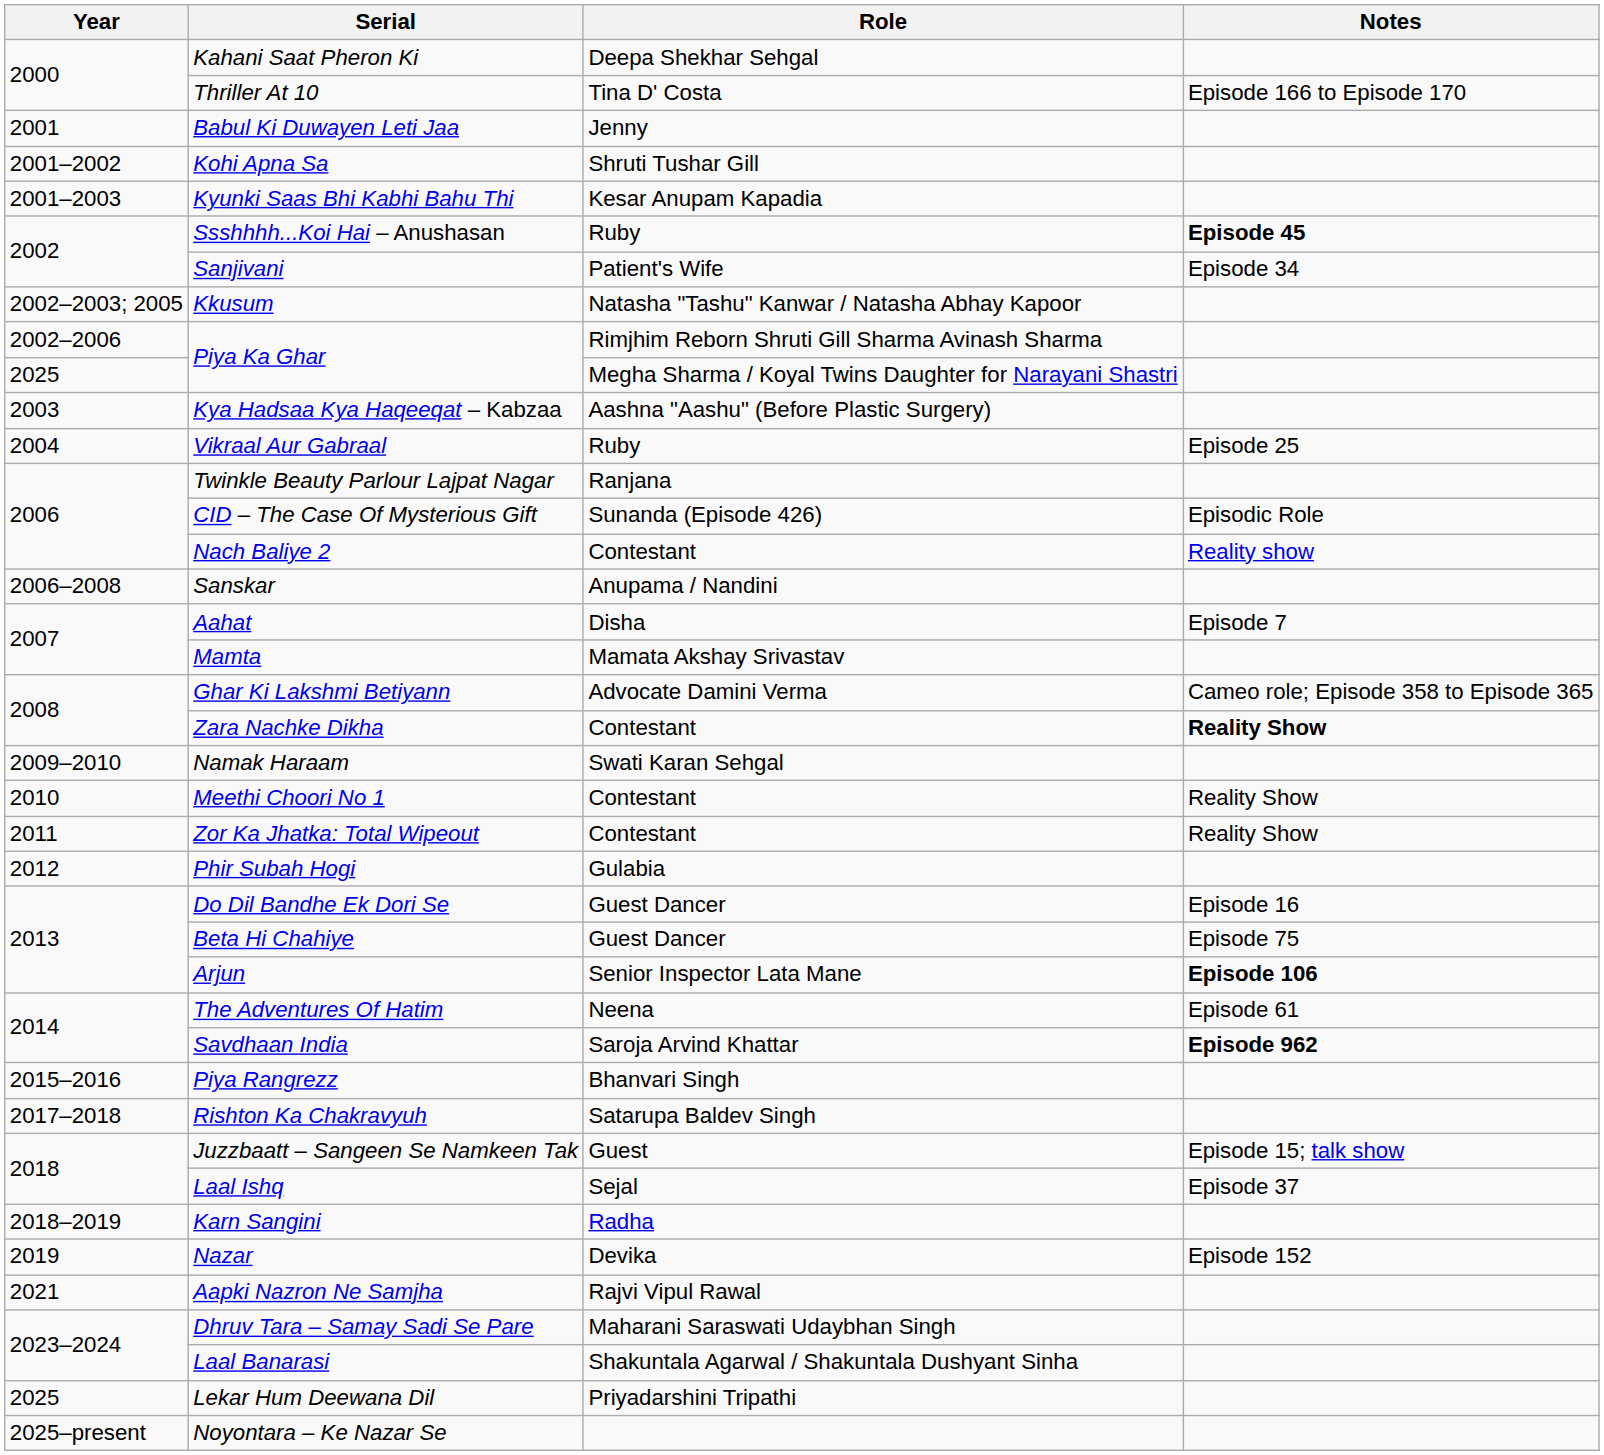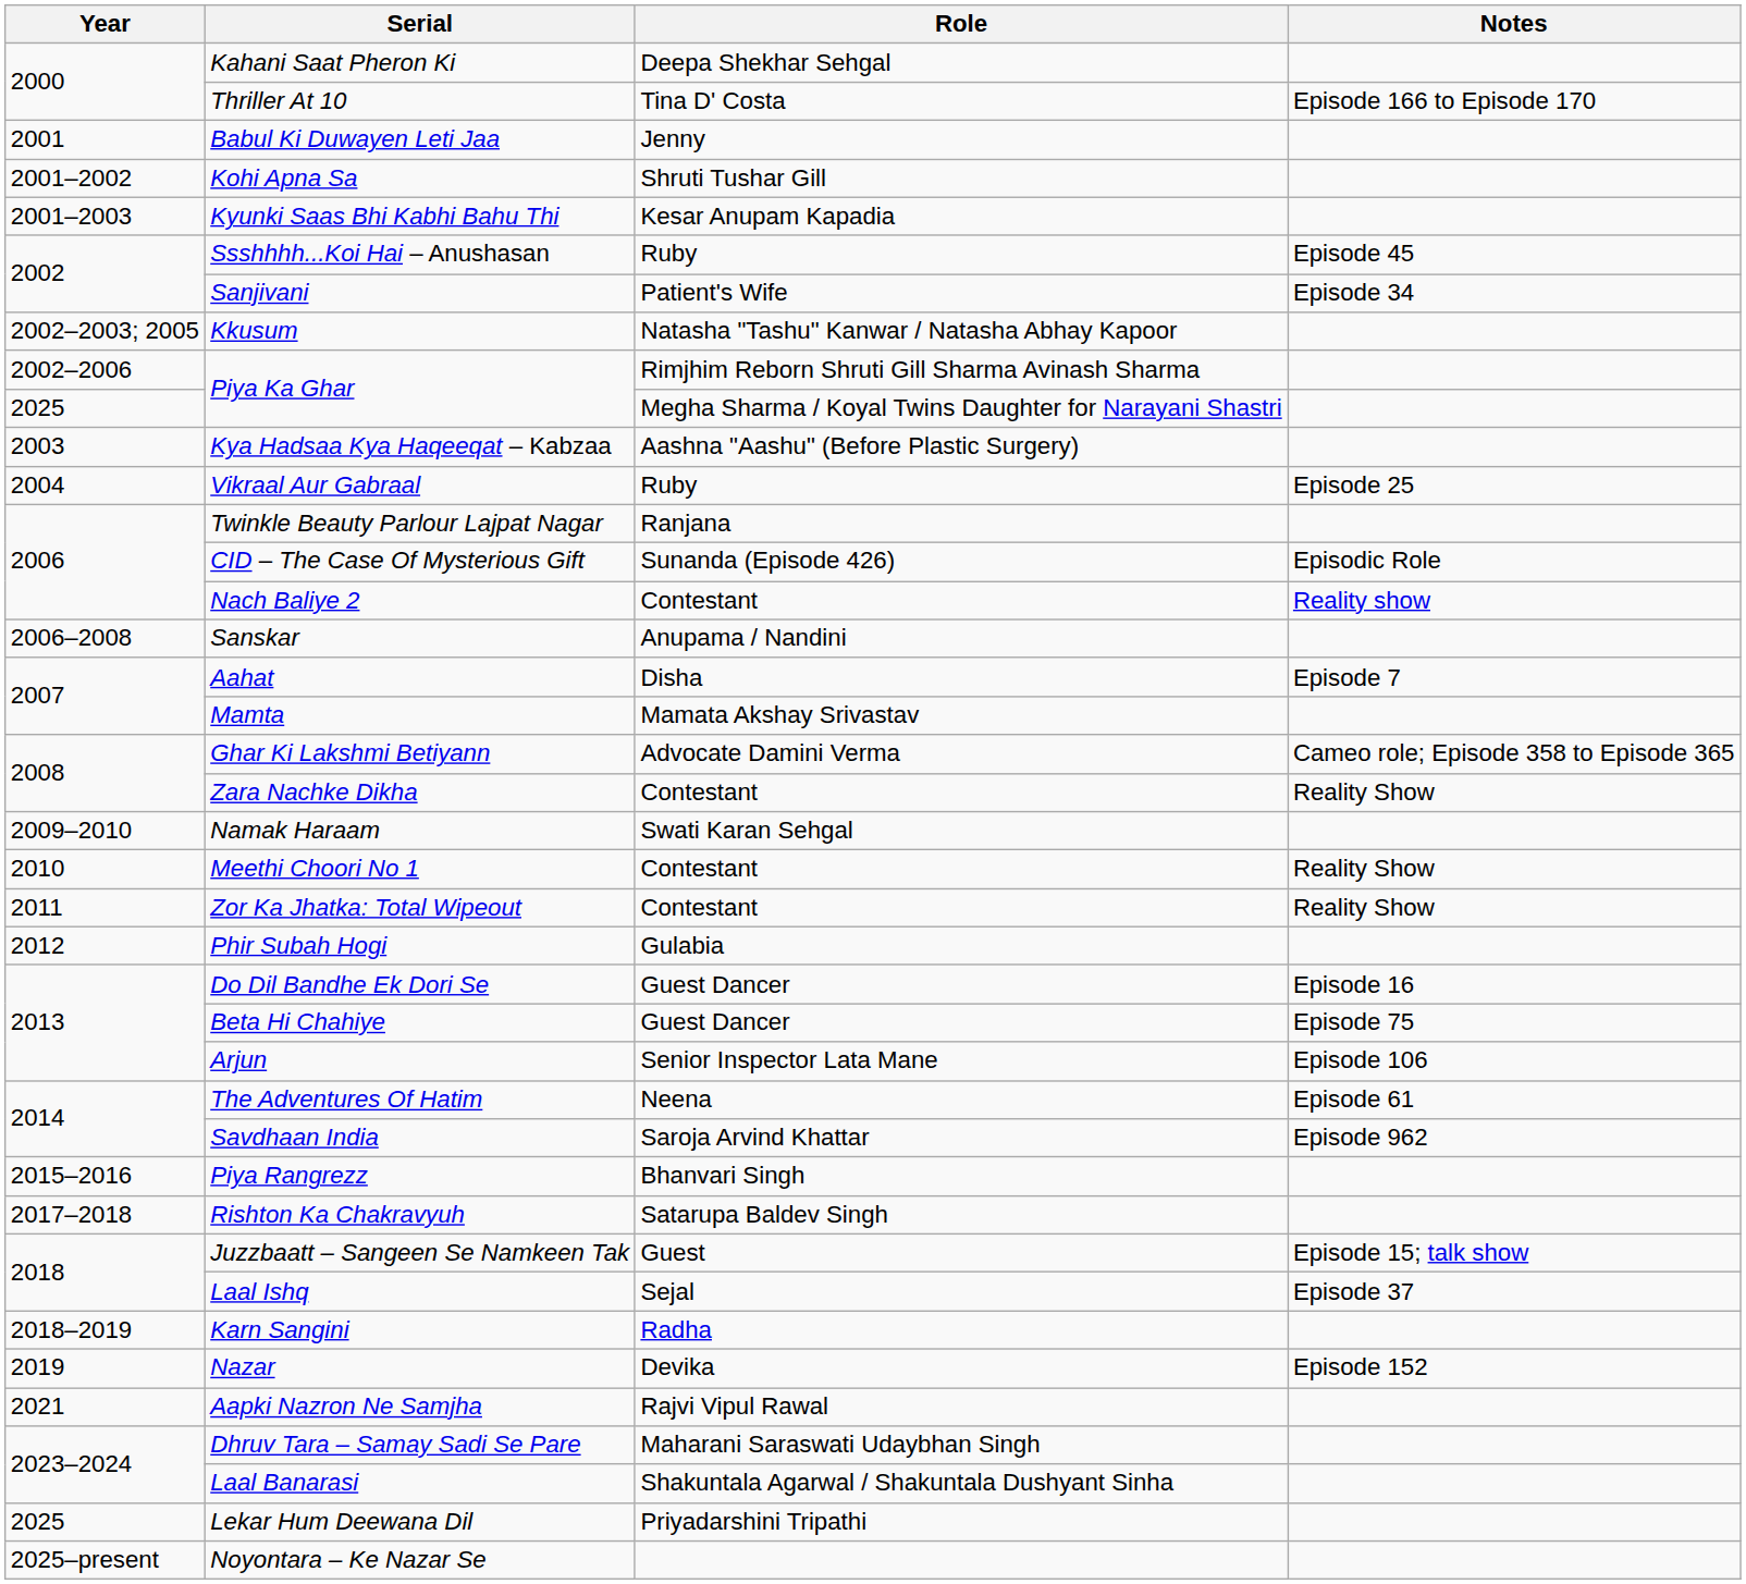 <table class="wikitable sortable">
 <tr>
 <th>Year</th>
 <th>Serial</th>
 <th>Role</th>
 <th>Notes</th>
 </tr>
 <tr>
 <td rowspan = "2">2000</td>
 <td><em>Kahani Saat Pheron Ki</em></td>
 <td>Deepa Shekhar Sehgal</td>
 <td></td>
 </tr>
 <tr>
 <td><em>Thriller At 10</em></td>
 <td>Tina D' Costa</td>
 <td>Episode 166 to Episode 170</td>
 </tr>
 <tr>
 <td>2001</td>
 <td><em><a href='#'>Babul Ki Duwayen Leti Jaa</a></em></td>
 <td>Jenny</td>
 <td></td>
 </tr>
 <tr>
 <td>2001–2002</td>
 <td><em><a href='#'>Kohi Apna Sa</a></em></td>
 <td>Shruti Tushar Gill</td>
 <td></td>
 </tr>
 <tr>
 <td>2001–2003</td>
 <td><em><a href='#'>Kyunki Saas Bhi Kabhi Bahu Thi</a></em></td>
 <td>Kesar Anupam Kapadia</td>
 <td></td>
 </tr>
 <tr>
 <td rowspan = "2">2002</td>
 <td><em><a href='#'>Ssshhhh...Koi Hai</a></em> – Anushasan</td>
 <td>Ruby</td>
-<td><strong>Episode 45</strong></td>
+<td>Episode 45</td>
 </tr>
 <tr>
 <td><em> <a href='#'>Sanjivani</a></em></td>
 <td>Patient's Wife</td>
 <td>Episode 34</td>
 </tr>
 <tr>
 <td>2002–2003; 2005</td>
 <td><em><a href='#'>Kkusum</a></em></td>
 <td>Natasha "Tashu" Kanwar / Natasha Abhay Kapoor</td>
 <td></td>
 </tr>
 <tr>
 <td>2002–2006</td>
 <td rowspan = "2"><em> <a href='#'>Piya Ka Ghar</a></em></td>
 <td>Rimjhim Reborn Shruti Gill Sharma  Avinash Sharma</td>
 <td></td>
 </tr>
 <tr>
 <td>2025</td>
 <td>Megha Sharma / Koyal Twins Daughter for <a href='#'>Narayani Shastri</a></td>
 <td></td>
 </tr>
 <tr>
 <td>2003</td>
 <td><em><a href='#'>Kya Hadsaa Kya Haqeeqat</a></em> – Kabzaa</td>
 <td>Aashna "Aashu" (Before Plastic Surgery)</td>
 <td></td>
 </tr>
 <tr>
 <td>2004</td>
 <td><em><a href='#'>Vikraal Aur Gabraal</a></em></td>
 <td>Ruby</td>
 <td>Episode 25</td>
 </tr>
 <tr>
 <td rowspan = "3">2006</td>
 <td><em>Twinkle Beauty Parlour Lajpat Nagar</em></td>
 <td>Ranjana</td>
 <td></td>
 </tr>
 <tr>
 <td><em><a href='#'>CID</a></em> – <em>The Case Of Mysterious Gift</em></td>
 <td>Sunanda (Episode 426)</td>
 <td>Episodic Role</td>
 </tr>
 <tr>
 <td><em><a href='#'>Nach Baliye 2</a></em></td>
 <td>Contestant</td>
 <td><a href='#'>Reality show</a></td>
 </tr>
 <tr>
 <td>2006–2008</td>
 <td><em>Sanskar</em></td>
 <td>Anupama / Nandini</td>
 <td></td>
 </tr>
 <tr>
 <td rowspan = "2">2007</td>
 <td><em><a href='#'>Aahat</a></em></td>
 <td>Disha</td>
 <td>Episode 7</td>
 </tr>
 <tr>
 <td><em><a href='#'>Mamta</a></em></td>
 <td>Mamata Akshay Srivastav</td>
 <td></td>
 </tr>
 <tr>
 <td rowspan = "2">2008</td>
 <td><em><a href='#'>Ghar Ki Lakshmi Betiyann</a></em></td>
 <td>Advocate Damini Verma</td>
 <td>Cameo role; Episode 358 to Episode 365</td>
 </tr>
 <tr>
 <td><em><a href='#'>Zara Nachke Dikha</a></em></td>
 <td>Contestant</td>
-<td><strong>Reality Show</strong></td>
+<td>Reality Show</td>
 </tr>
 <tr>
 <td>2009–2010</td>
 <td><em>Namak Haraam</em></td>
 <td>Swati Karan Sehgal</td>
 <td></td>
 </tr>
 <tr>
 <td>2010</td>
 <td><em><a href='#'>Meethi Choori No 1</a></em></td>
 <td>Contestant</td>
 <td>Reality Show</td>
 </tr>
 <tr>
 <td>2011</td>
 <td><em><a href='#'>Zor Ka Jhatka: Total Wipeout</a></em></td>
 <td>Contestant</td>
 <td>Reality Show</td>
 </tr>
 <tr>
 <td>2012</td>
 <td><em><a href='#'>Phir Subah Hogi</a></em></td>
 <td>Gulabia</td>
 <td></td>
 </tr>
 <tr>
 <td rowspan = "3">2013</td>
 <td><em><a href='#'>Do Dil Bandhe Ek Dori Se</a></em></td>
 <td>Guest Dancer</td>
 <td>Episode 16</td>
 </tr>
 <tr>
 <td><em><a href='#'>Beta Hi Chahiye</a></em></td>
 <td>Guest Dancer</td>
 <td>Episode 75</td>
 </tr>
 <tr>
 <td><em><a href='#'>Arjun</a></em></td>
 <td>Senior Inspector Lata Mane</td>
-<td><strong>Episode 106</strong></td>
+<td>Episode 106</td>
 </tr>
 <tr>
 <td rowspan = "2">2014</td>
 <td><em><a href='#'>The Adventures Of Hatim</a></em></td>
 <td>Neena</td>
 <td>Episode 61</td>
 </tr>
 <tr>
 <td><em><a href='#'>Savdhaan India</a></em></td>
 <td>Saroja Arvind Khattar</td>
-<td><strong>Episode 962</strong></td>
+<td>Episode 962</td>
 </tr>
 <tr>
 <td>2015–2016</td>
 <td><em><a href='#'>Piya Rangrezz</a></em></td>
 <td>Bhanvari Singh</td>
 <td></td>
 </tr>
 <tr>
 <td>2017–2018</td>
 <td><em><a href='#'>Rishton Ka Chakravyuh</a></em></td>
 <td>Satarupa Baldev Singh</td>
 <td></td>
 </tr>
 <tr>
 <td rowspan = "2">2018</td>
 <td><em>Juzzbaatt – Sangeen Se Namkeen Tak</em></td>
 <td>Guest</td>
 <td>Episode 15; <a href='#'>talk show</a></td>
 </tr>
 <tr>
 <td><em><a href='#'>Laal Ishq</a></em></td>
 <td>Sejal</td>
 <td>Episode 37</td>
 </tr>
 <tr>
 <td>2018–2019</td>
 <td><em><a href='#'>Karn Sangini</a></em></td>
 <td><a href='#'>Radha</a></td>
 <td></td>
 </tr>
 <tr>
 <td>2019</td>
 <td><em><a href='#'>Nazar</a></em></td>
 <td>Devika</td>
 <td>Episode 152</td>
 </tr>
 <tr>
 <td>2021</td>
 <td><em><a href='#'>Aapki Nazron Ne Samjha</a></em></td>
 <td>Rajvi Vipul Rawal</td>
 <td></td>
 </tr>
 <tr>
 <td rowspan = "2">2023–2024</td>
 <td><em><a href='#'>Dhruv Tara – Samay Sadi Se Pare</a></em></td>
 <td>Maharani Saraswati Udaybhan Singh</td>
 <td></td>
 </tr>
 <tr>
 <td><em><a href='#'>Laal Banarasi</a></em></td>
 <td>Shakuntala Agarwal / Shakuntala Dushyant Sinha</td>
 <td></td>
 </tr>
 <tr>
 <td>2025</td>
 <td><em>Lekar Hum Deewana Dil</em></td>
 <td>Priyadarshini Tripathi</td>
 <td></td>
 </tr>
 <tr>
 <td>2025–present</td>
 <td><em>Noyontara – Ke Nazar Se</em></td>
 <td></td>
 <td></td>
 </tr>
 </table>
